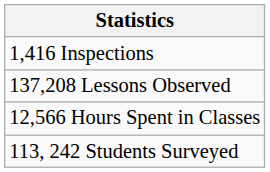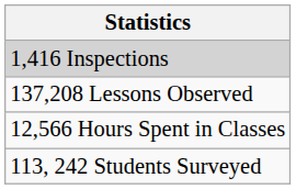 <table class="wikitable">
 <tr>
 <th>Statistics</th>
 </tr>
 <tr>
-<td>1,416 Inspections</td>
+<td style="background: lightgrey;">1,416 Inspections</td>
 </tr>
 <tr>
 <td>137,208 Lessons Observed</td>
 </tr>
 <tr>
 <td>12,566 Hours Spent in Classes</td>
 </tr>
 <tr>
 <td>113, 242 Students Surveyed</td>
 </tr>
 </table>
